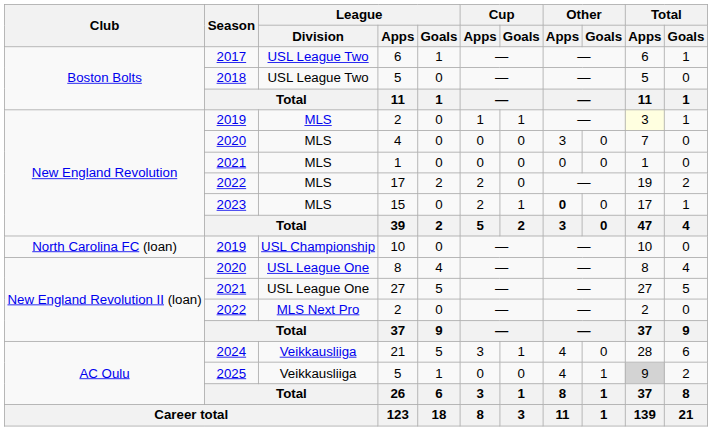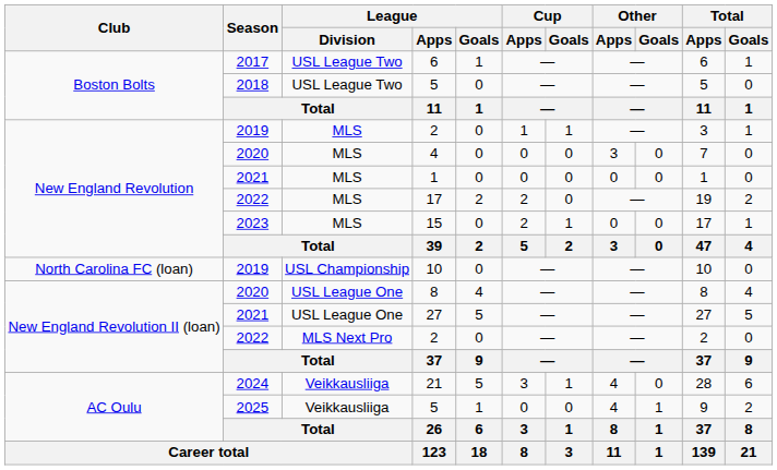 <table class="wikitable" style="text-align:center">
 <tr>
 <th rowspan="2">Club</th>
 <th rowspan="2">Season</th>
 <th colspan="3">League</th>
 <th colspan="2">Cup</th>
 <th colspan="2">Other</th>
 <th colspan="2">Total</th>
 </tr>
 <tr>
 <th>Division</th>
 <th>Apps</th>
 <th>Goals</th>
 <th>Apps</th>
 <th>Goals</th>
 <th>Apps</th>
 <th>Goals</th>
 <th>Apps</th>
 <th>Goals</th>
 </tr>
 <tr>
 <td rowspan="3"><a href='#'>Boston Bolts</a></td>
 <td><a href='#'>2017</a></td>
 <td><a href='#'>USL League Two</a></td>
 <td>6</td>
 <td>1</td>
 <td colspan="2">—</td>
 <td colspan="2">—</td>
 <td>6</td>
 <td>1</td>
 </tr>
 <tr>
 <td><a href='#'>2018</a></td>
 <td>USL League Two</td>
 <td>5</td>
 <td>0</td>
 <td colspan="2">—</td>
 <td colspan="2">—</td>
 <td>5</td>
 <td>0</td>
 </tr>
 <tr>
 <th colspan="2">Total</th>
 <th>11</th>
 <th>1</th>
 <th colspan="2">—</th>
 <th colspan="2">—</th>
 <th>11</th>
 <th>1</th>
 </tr>
 <tr>
 <td rowspan="6"><a href='#'>New England Revolution</a></td>
 <td><a href='#'>2019</a></td>
 <td><a href='#'>MLS</a></td>
 <td>2</td>
 <td>0</td>
 <td>1</td>
 <td>1</td>
 <td colspan="2">—</td>
-<td style="background: lightyellow;">3</td>
+<td>3</td>
 <td>1</td>
 </tr>
 <tr>
 <td><a href='#'>2020</a></td>
 <td>MLS</td>
 <td>4</td>
 <td>0</td>
 <td>0</td>
 <td>0</td>
 <td>3</td>
 <td>0</td>
 <td>7</td>
 <td>0</td>
 </tr>
 <tr>
 <td><a href='#'>2021</a></td>
 <td>MLS</td>
 <td>1</td>
 <td>0</td>
 <td>0</td>
 <td>0</td>
 <td>0</td>
 <td>0</td>
 <td>1</td>
 <td>0</td>
 </tr>
 <tr>
 <td><a href='#'>2022</a></td>
 <td>MLS</td>
 <td>17</td>
 <td>2</td>
 <td>2</td>
 <td>0</td>
 <td colspan="2">—</td>
 <td>19</td>
 <td>2</td>
 </tr>
 <tr>
 <td><a href='#'>2023</a></td>
 <td>MLS</td>
 <td>15</td>
 <td>0</td>
 <td>2</td>
 <td>1</td>
-<td><strong>0</strong></td>
+<td>0</td>
 <td>0</td>
 <td>17</td>
 <td>1</td>
 </tr>
 <tr>
 <th colspan="2">Total</th>
 <th>39</th>
 <th>2</th>
 <th>5</th>
 <th>2</th>
 <th>3</th>
 <th>0</th>
 <th>47</th>
 <th>4</th>
 </tr>
 <tr>
 <td><a href='#'>North Carolina FC</a> (loan)</td>
 <td><a href='#'>2019</a></td>
 <td><a href='#'>USL Championship</a></td>
 <td>10</td>
 <td>0</td>
 <td colspan="2">—</td>
 <td colspan="2">—</td>
 <td>10</td>
 <td>0</td>
 </tr>
 <tr>
 <td rowspan="4"><a href='#'>New England Revolution II</a> (loan)</td>
 <td><a href='#'>2020</a></td>
 <td><a href='#'>USL League One</a></td>
 <td>8</td>
 <td>4</td>
 <td colspan="2">—</td>
 <td colspan="2">—</td>
 <td>8</td>
 <td>4</td>
 </tr>
 <tr>
 <td><a href='#'>2021</a></td>
 <td>USL League One</td>
 <td>27</td>
 <td>5</td>
 <td colspan="2">—</td>
 <td colspan="2">—</td>
 <td>27</td>
 <td>5</td>
 </tr>
 <tr>
 <td><a href='#'>2022</a></td>
 <td><a href='#'>MLS Next Pro</a></td>
 <td>2</td>
 <td>0</td>
 <td colspan="2">—</td>
 <td colspan="2">—</td>
 <td>2</td>
 <td>0</td>
 </tr>
 <tr>
 <th colspan="2">Total</th>
 <th>37</th>
 <th>9</th>
 <th colspan="2">—</th>
 <th colspan="2">—</th>
 <th>37</th>
 <th>9</th>
 </tr>
 <tr>
 <td rowspan=3><a href='#'>AC Oulu</a></td>
 <td><a href='#'>2024</a></td>
 <td><a href='#'>Veikkausliiga</a></td>
 <td>21</td>
 <td>5</td>
 <td>3</td>
 <td>1</td>
 <td>4</td>
 <td>0</td>
 <td>28</td>
 <td>6</td>
 </tr>
 <tr>
 <td><a href='#'>2025</a></td>
 <td>Veikkausliiga</td>
 <td>5</td>
 <td>1</td>
 <td>0</td>
 <td>0</td>
 <td>4</td>
 <td>1</td>
-<td style="background: lightgrey;">9</td>
+<td>9</td>
 <td>2</td>
 </tr>
 <tr>
 <th colspan=2>Total</th>
 <th>26</th>
 <th>6</th>
 <th>3</th>
 <th>1</th>
 <th>8</th>
 <th>1</th>
 <th>37</th>
 <th>8</th>
 </tr>
 <tr>
 <th colspan="3">Career total</th>
 <th>123</th>
 <th>18</th>
 <th>8</th>
 <th>3</th>
 <th>11</th>
 <th>1</th>
 <th>139</th>
 <th>21</th>
 </tr>
 </table>
